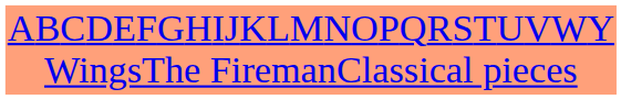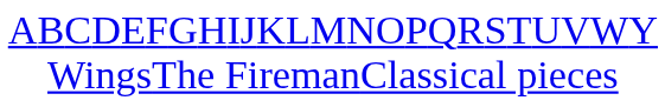 <table id="toc" class="toc" summary="Class" align="center" style="text-align:center;">
 <tr>
 <th></th>
 </tr>
 <tr>
-<td style="background: lightsalmon;"><a href='#'>A</a><a href='#'>B</a><a href='#'>C</a><a href='#'>D</a><a href='#'>E</a><a href='#'>F</a><a href='#'>G</a><a href='#'>H</a><a href='#'>I</a><a href='#'>J</a><a href='#'>K</a><a href='#'>L</a><a href='#'>M</a><a href='#'>N</a><a href='#'>O</a><a href='#'>P</a><a href='#'>Q</a><a href='#'>R</a><a href='#'>S</a><a href='#'>T</a><a href='#'>U</a><a href='#'>V</a><a href='#'>W</a><a href='#'>Y</a><br><a href='#'>Wings</a><a href='#'>The Fireman</a><a href='#'>Classical pieces</a></td>
+<td><a href='#'>A</a><a href='#'>B</a><a href='#'>C</a><a href='#'>D</a><a href='#'>E</a><a href='#'>F</a><a href='#'>G</a><a href='#'>H</a><a href='#'>I</a><a href='#'>J</a><a href='#'>K</a><a href='#'>L</a><a href='#'>M</a><a href='#'>N</a><a href='#'>O</a><a href='#'>P</a><a href='#'>Q</a><a href='#'>R</a><a href='#'>S</a><a href='#'>T</a><a href='#'>U</a><a href='#'>V</a><a href='#'>W</a><a href='#'>Y</a><br><a href='#'>Wings</a><a href='#'>The Fireman</a><a href='#'>Classical pieces</a></td>
 </tr>
 </table>
